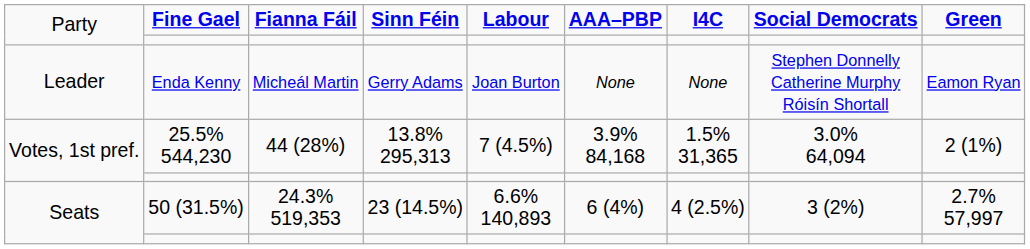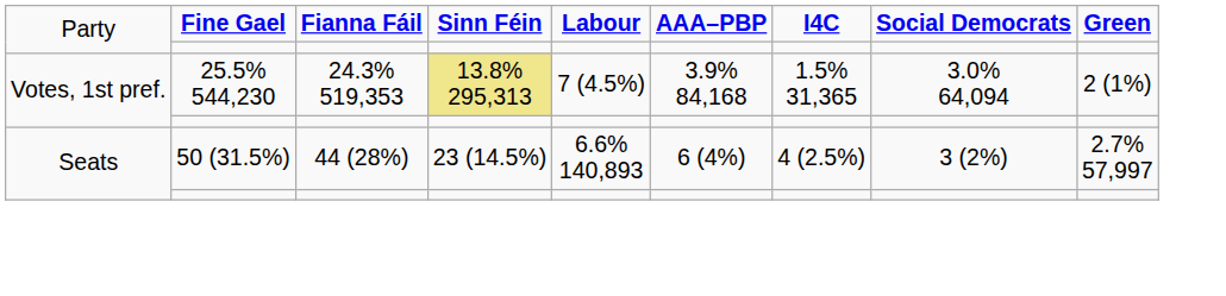 <table class=wikitable style="text-align:center;">
 <tr>
 <td rowspan=2>Party</td>
 <td><strong><a href='#'>Fine Gael</a></strong></td>
 <td><strong><a href='#'>Fianna Fáil</a></strong></td>
 <td><strong><a href='#'>Sinn Féin</a></strong></td>
 <td><strong><a href='#'>Labour</a></strong></td>
 <td><strong><a href='#'>AAA–PBP</a></strong></td>
 <td><strong><a href='#'>I4C</a></strong></td>
 <td><strong><a href='#'>Social Democrats</a></strong></td>
 <td><strong><a href='#'>Green</a></strong></td>
 </tr>
 <tr>
 <td style="background:"></td>
 <td style="background:"></td>
 <td style="background:"></td>
 <td style="background:"></td>
 <td style="background:"></td>
 <td style="background:"></td>
 <td style="background:"></td>
 <td style="background:"></td>
 </tr>
 <tr>
-<td>Leader</td>
-<td><small><a href='#'>Enda Kenny</a></small></td>
-<td><small><a href='#'>Micheál Martin</a></small></td>
-<td><small><a href='#'>Gerry Adams</a></small></td>
-<td><small><a href='#'>Joan Burton</a></small></td>
-<td><small><em>None</em></small></td>
-<td><small><em>None</em></small></td>
-<td><small><a href='#'>Stephen Donnelly</a><br><a href='#'>Catherine Murphy</a><br><a href='#'>Róisín Shortall</a></small></td>
-<td><small><a href='#'>Eamon Ryan</a></small></td>
-</tr>
-<tr>
 <td rowspan=2>Votes, 1st pref.</td>
 <td>25.5%<br>544,230</td>
-<td>44 (28%)</td>
-<td>13.8%<br>295,313</td>
+<td>24.3%<br>519,353</td>
+<td style="background: khaki;">13.8%<br>295,313</td>
 <td>7 (4.5%)</td>
 <td>3.9%<br>84,168</td>
 <td>1.5%<br>31,365</td>
 <td>3.0%<br>64,094</td>
 <td>2 (1%)</td>
 </tr>
 <tr>
 <td></td>
 <td></td>
 <td></td>
 <td></td>
 <td></td>
 <td></td>
 <td></td>
 <td></td>
 </tr>
 <tr>
 <td rowspan=2>Seats</td>
 <td>50 (31.5%)</td>
-<td>24.3%<br>519,353</td>
+<td>44 (28%)</td>
 <td>23 (14.5%)</td>
 <td>6.6%<br>140,893</td>
 <td>6 (4%)</td>
 <td>4 (2.5%)</td>
 <td>3 (2%)</td>
 <td>2.7%<br>57,997</td>
 </tr>
 <tr>
 <td></td>
 <td></td>
 <td></td>
 <td></td>
 <td></td>
 <td></td>
 <td></td>
 <td></td>
 </tr>
 </table>
